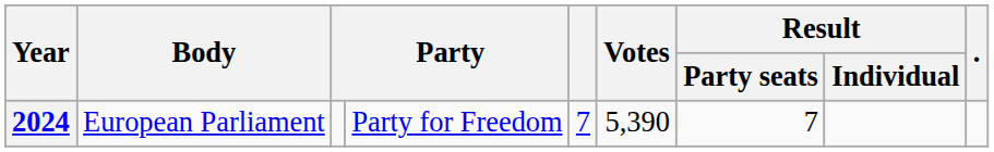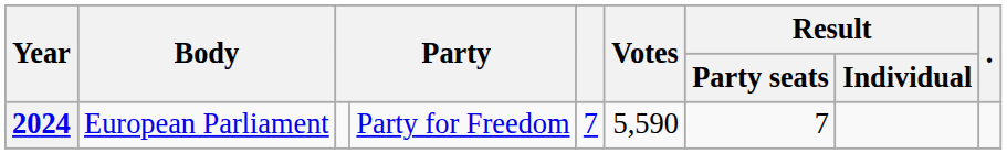 <table class="wikitable plainrowheaders sortable" border=2 cellpadding=4 cellspacing=0 style="border: 1px #aaa solid; font-size: 90%; text-align:center;">
 <tr>
 <th scope="col" rowspan=2>Year</th>
 <th scope="col" rowspan=2>Body</th>
 <th scope="col" colspan=2 rowspan=2>Party</th>
 <th scope="col" rowspan=2></th>
 <th scope="col" rowspan=2>Votes</th>
 <th scope="colgroup" colspan=2>Result</th>
 <th scope="col" rowspan=2>.</th>
 </tr>
 <tr>
 <th scope="col">Party seats</th>
 <th scope="col">Individual</th>
 </tr>
 <tr>
 <th scope="row"><a href='#'>2024</a></th>
 <td><a href='#'>European Parliament</a></td>
 <td style="background-color:"></td>
 <td><a href='#'>Party for Freedom</a></td>
 <td style=text-align:right><a href='#'>7</a></td>
-<td style=text-align:right>5,390</td>
+<td style=text-align:right>5,590</td>
 <td style=text-align:right>7</td>
 <td></td>
 <td></td>
 </tr>
 </table>
